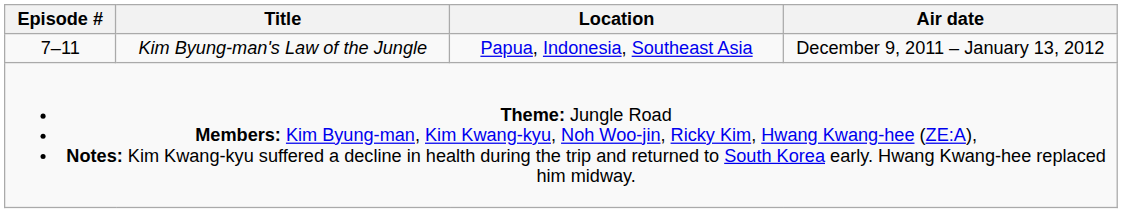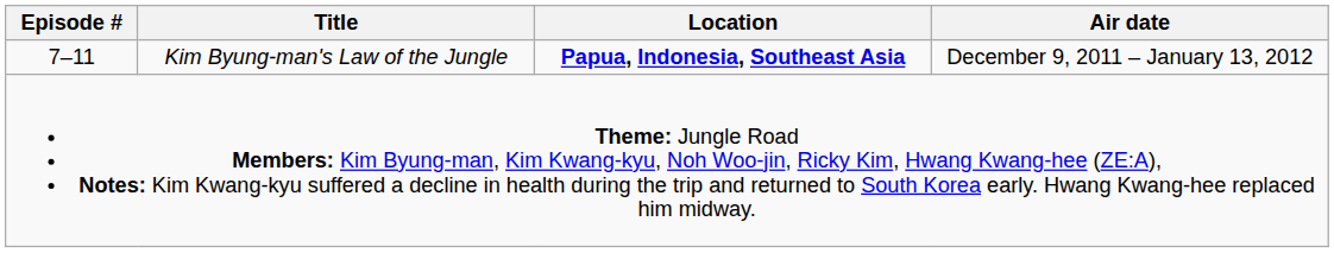 <table class="wikitable" style="text-align:center; font-size:90%; width:100%;">
 <tr>
 <th width="10%">Episode #</th>
 <th width="30%">Title</th>
 <th width="30%">Location</th>
 <th width="30%">Air date</th>
 </tr>
 <tr>
 <td>7–11</td>
 <td><em>Kim Byung-man's Law of the Jungle</em></td>
-<td><a href='#'>Papua</a>, <a href='#'>Indonesia</a>, <a href='#'>Southeast Asia</a></td>
+<td><strong><a href='#'>Papua</a>, <a href='#'>Indonesia</a>, <a href='#'>Southeast Asia</a></strong></td>
 <td>December 9, 2011 – January 13, 2012</td>
 </tr>
 <tr>
 <td colspan="4"><br><ul><li><strong>Theme:</strong> Jungle Road</li><li><strong>Members:</strong> <a href='#'>Kim Byung-man</a>, <a href='#'>Kim Kwang-kyu</a>, <a href='#'>Noh Woo-jin</a>, <a href='#'>Ricky Kim</a>, <a href='#'>Hwang Kwang-hee</a> (<a href='#'>ZE:A</a>), </li><li><strong>Notes:</strong> Kim Kwang-kyu suffered a decline in health during the trip and returned to <a href='#'>South Korea</a> early. Hwang Kwang-hee replaced him midway.</li></ul></td>
 </tr>
 </table>
